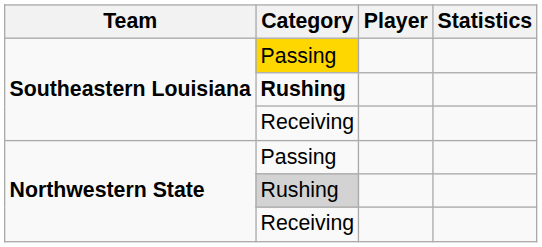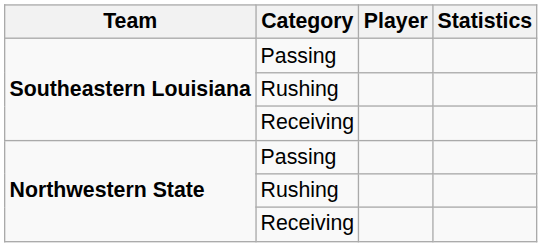 <table class="wikitable" style="float: left;">
 <tr>
 <th>Team</th>
 <th>Category</th>
 <th>Player</th>
 <th>Statistics</th>
 </tr>
 <tr>
 <td rowspan=3><strong>Southeastern Louisiana</strong></td>
-<td style="background: gold;">Passing</td>
+<td>Passing</td>
 <td> </td>
 <td> </td>
 </tr>
 <tr>
-<td><strong>Rushing</strong></td>
+<td>Rushing</td>
 <td> </td>
 <td> </td>
 </tr>
 <tr>
 <td>Receiving</td>
 <td> </td>
 <td> </td>
 </tr>
 <tr>
 <td rowspan=3><strong>Northwestern State</strong></td>
 <td>Passing</td>
 <td> </td>
 <td> </td>
 </tr>
 <tr>
-<td style="background: lightgrey;">Rushing</td>
+<td>Rushing</td>
 <td> </td>
 <td> </td>
 </tr>
 <tr>
 <td>Receiving</td>
 <td> </td>
 <td> </td>
 </tr>
 </table>
